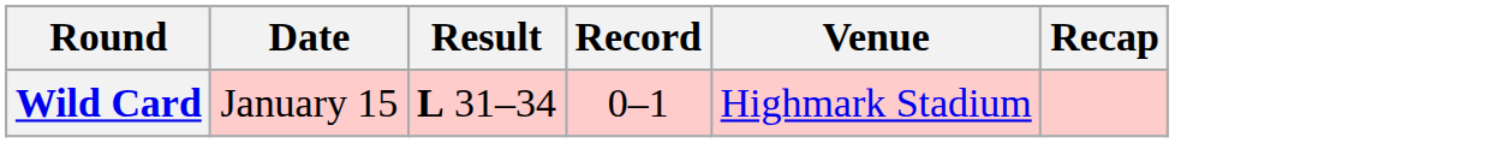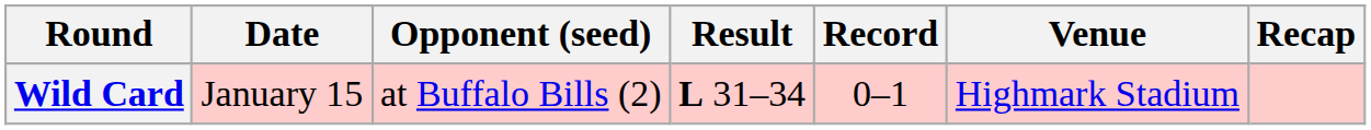 <table class="wikitable" style="text-align:center">
 <tr>
 <th>Round</th>
 <th>Date</th>
+<th>Opponent (seed)</th>
 <th>Result</th>
 <th>Record</th>
 <th>Venue</th>
 <th>Recap</th>
 </tr>
 <tr style="background:#fcc">
 <th><a href='#'>Wild Card</a></th>
 <td>January 15</td>
+<td>at <a href='#'>Buffalo Bills</a> (2)</td>
 <td><strong>L</strong> 31–34</td>
 <td>0–1</td>
 <td><a href='#'>Highmark Stadium</a></td>
 <td></td>
 </tr>
 </table>
